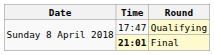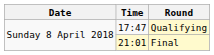 <table class="wikitable">
 <tr>
 <th>Date</th>
 <th>Time</th>
 <th>Round</th>
 </tr>
 <tr>
 <td rowspan=2>Sunday 8 April 2018</td>
 <td>17:47</td>
 <td style=background:lemonchiffon>Qualifying</td>
 </tr>
 <tr>
-<td style=background:lemonchiffon><strong>21:01</strong></td>
+<td style=background:lemonchiffon>21:01</td>
 <td style=background:lemonchiffon>Final</td>
 </tr>
 </table>
